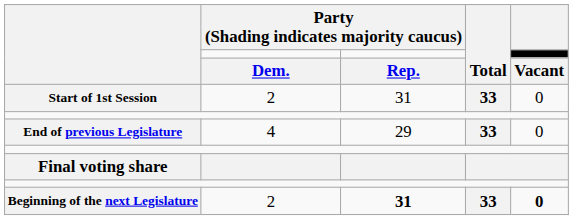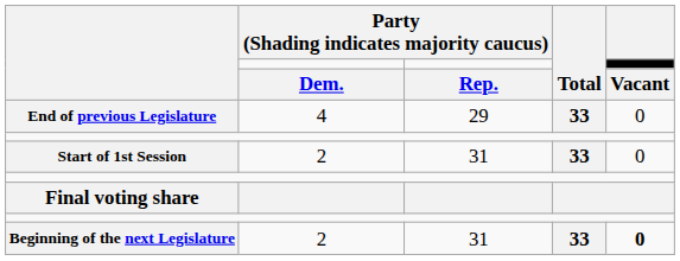 <table class=wikitable style="text-align:center">
 <tr style="vertical-align:bottom;">
 <th rowspan=3></th>
 <th colspan=2>Party <div>(Shading indicates majority caucus)</div></th>
 <th rowspan=3>Total</th>
 <th></th>
 </tr>
 <tr style="height:5px">
 <td style="background-color:"></td>
 <td style="background-color:"></td>
 <td style="background:black;"></td>
 </tr>
 <tr>
 <th><a href='#'>Dem.</a></th>
 <th><a href='#'>Rep.</a></th>
 <th>Vacant</th>
 </tr>
 <tr>
-<th style="font-size:80%;">Start of 1st Session</th>
-<td>2</td>
-<td>31</td>
+<th style="font-size:80%;">End of <a href='#'>previous Legislature</a></th>
+<td>4</td>
+<td>29</td>
 <th>33</th>
 <td>0</td>
 </tr>
 <tr>
 <td colspan=5></td>
 </tr>
 <tr>
-<th style="font-size:80%;">End of <a href='#'>previous Legislature</a></th>
-<td>4</td>
-<td>29</td>
+<th style="font-size:80%;">Start of 1st Session</th>
+<td>2</td>
+<td>31</td>
 <th>33</th>
 <td>0</td>
 </tr>
 <tr>
 <td colspan=5></td>
 </tr>
 <tr>
 <th>Final voting share</th>
 <th></th>
 <th></th>
 <th colspan=2></th>
 </tr>
 <tr>
 <td colspan=5></td>
 </tr>
 <tr>
 <th style="font-size:80%;">Beginning of the <a href='#'>next Legislature</a></th>
 <td>2</td>
-<td><strong>31</strong></td>
+<td>31</td>
 <th>33</th>
 <td><strong>0</strong></td>
 </tr>
 </table>
